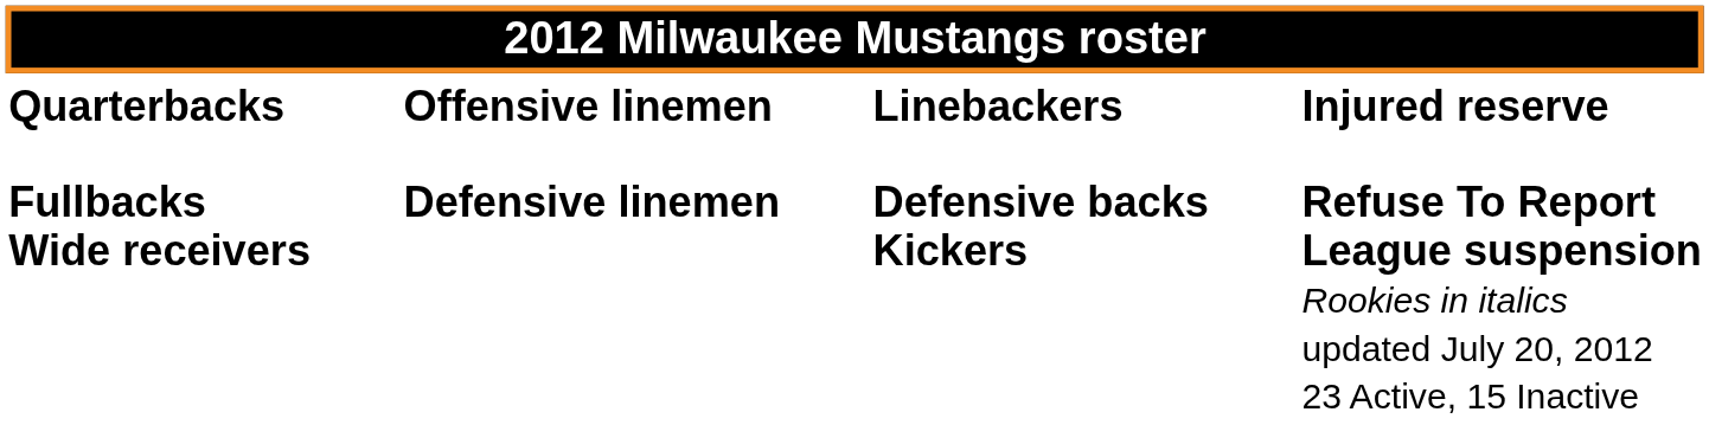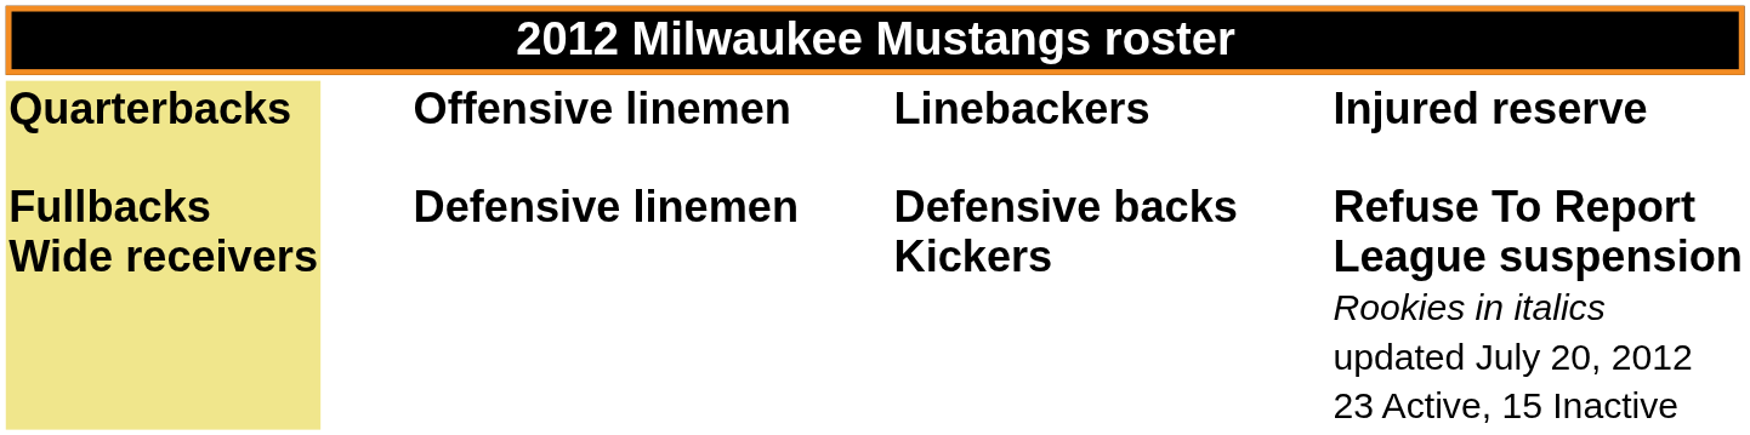 <table class="toccolours" style="text-align: left;">
 <tr>
 <th colspan="8" style="background:black; border:2px solid #F38C23; color:white; text-align:center;"><strong>2012 Milwaukee Mustangs roster</strong></th>
 </tr>
 <tr>
-<td style="font-size: 95%;" valign="top"><strong>Quarterbacks</strong><br> <br><strong>Fullbacks</strong> <br><strong>Wide receivers</strong>     </td>
+<td style="background: khaki; font-size: 95%;" valign="top"><strong>Quarterbacks</strong><br> <br><strong>Fullbacks</strong> <br><strong>Wide receivers</strong>     </td>
 <td style="width: 25px;"></td>
 <td style="font-size: 95%;" valign="top"><strong>Offensive linemen</strong><br>   <br><strong>Defensive linemen</strong>     </td>
 <td style="width: 25px;"></td>
 <td style="font-size: 95%;" valign="top"><strong>Linebackers</strong><br> <br><strong>Defensive backs</strong>    <br><strong>Kickers</strong> </td>
 <td style="width: 25px;"></td>
 <td style="font-size: 95%;" valign="top"><strong>Injured reserve</strong><br>       <br><strong>Refuse To Report</strong> <br><strong>League suspension</strong>      <br><small><em>Rookies in italics</em><br><span></span> updated July 20, 2012</small><br> <small>23 Active, 15 Inactive</small></td>
 </tr>
 <tr>
 </tr>
 </table>
